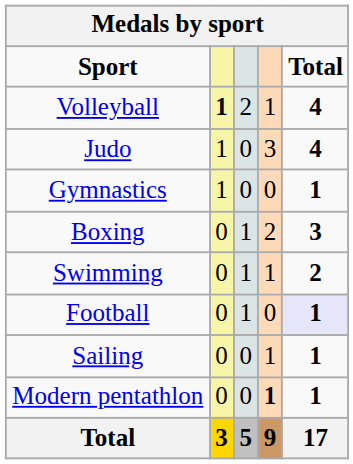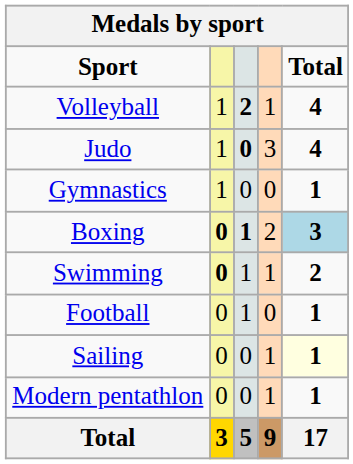 <table class="wikitable" style="font-size:85%; float:right">
 <tr style="background:#efefef;">
 <th colspan=5>Medals by sport</th>
 </tr>
 <tr align=center>
 <td><strong>Sport</strong></td>
 <td bgcolor=#f7f6a8></td>
 <td bgcolor=#dce5e5></td>
 <td bgcolor=#ffdab9></td>
 <td><strong>Total</strong></td>
 </tr>
 <tr align=center>
 <td><a href='#'>Volleyball</a></td>
-<td style="background:#F7F6A8;"><strong>1</strong></td>
-<td style="background:#DCE5E5;">2</td>
+<td style="background:#F7F6A8;">1</td>
+<td style="background:#DCE5E5;"><strong>2</strong></td>
 <td style="background:#FFDAB9;">1</td>
 <td><strong>4</strong></td>
 </tr>
 <tr align=center>
 <td><a href='#'>Judo</a></td>
 <td style="background:#F7F6A8;">1</td>
-<td style="background:#DCE5E5;">0</td>
+<td style="background:#DCE5E5;"><strong>0</strong></td>
 <td style="background:#FFDAB9;">3</td>
 <td><strong>4</strong></td>
 </tr>
 <tr align=center>
 <td><a href='#'>Gymnastics</a></td>
 <td style="background:#F7F6A8;">1</td>
 <td style="background:#DCE5E5;">0</td>
 <td style="background:#FFDAB9;">0</td>
 <td><strong>1</strong></td>
 </tr>
 <tr align=center>
 <td><a href='#'>Boxing</a></td>
-<td style="background:#F7F6A8;">0</td>
-<td style="background:#DCE5E5;">1</td>
+<td style="background:#F7F6A8;"><strong>0</strong></td>
+<td style="background:#DCE5E5;"><strong>1</strong></td>
 <td style="background:#FFDAB9;">2</td>
-<td><strong>3</strong></td>
+<td style="background: lightblue;"><strong>3</strong></td>
 </tr>
 <tr align=center>
 <td><a href='#'>Swimming</a></td>
-<td style="background:#F7F6A8;">0</td>
+<td style="background:#F7F6A8;"><strong>0</strong></td>
 <td style="background:#DCE5E5;">1</td>
 <td style="background:#FFDAB9;">1</td>
 <td><strong>2</strong></td>
 </tr>
 <tr align=center>
 <td><a href='#'>Football</a></td>
 <td style="background:#F7F6A8;">0</td>
 <td style="background:#DCE5E5;">1</td>
 <td style="background:#FFDAB9;">0</td>
-<td style="background: lavender;"><strong>1</strong></td>
+<td><strong>1</strong></td>
 </tr>
 <tr align=center>
 <td><a href='#'>Sailing</a></td>
 <td style="background:#F7F6A8;">0</td>
 <td style="background:#DCE5E5;">0</td>
 <td style="background:#FFDAB9;">1</td>
-<td><strong>1</strong></td>
+<td style="background: lightyellow;"><strong>1</strong></td>
 </tr>
 <tr align=center>
 <td><a href='#'>Modern pentathlon</a></td>
 <td style="background:#F7F6A8;">0</td>
 <td style="background:#DCE5E5;">0</td>
-<td style="background:#FFDAB9;"><strong>1</strong></td>
+<td style="background:#FFDAB9;">1</td>
 <td><strong>1</strong></td>
 </tr>
 <tr align=center>
 <th>Total</th>
 <th style="background:gold;">3</th>
 <th style="background:silver;">5</th>
 <th style="background:#c96;">9</th>
 <th>17</th>
 </tr>
 </table>
